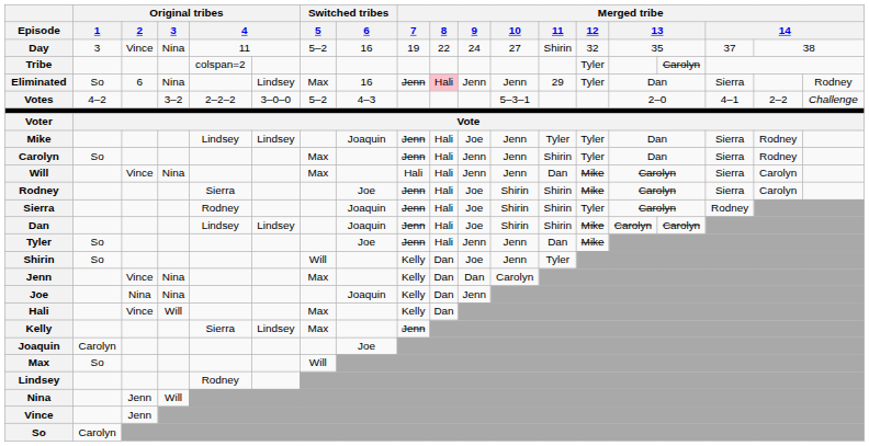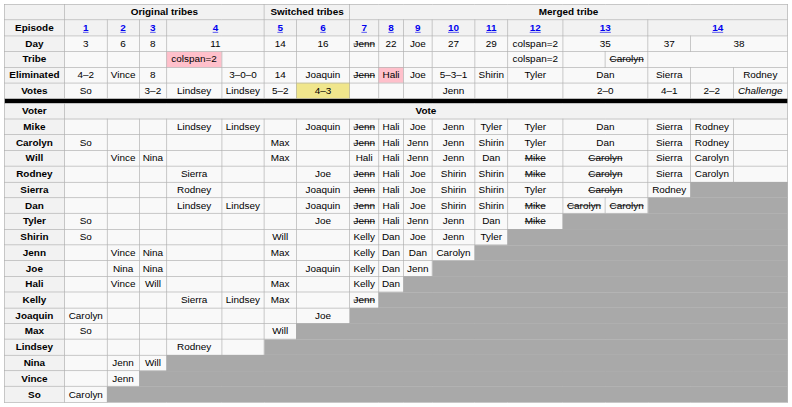 <table class="wikitable" style="text-align:center; width:100%">
 <tr>
 <th></th>
 <th colspan=5>Original tribes</th>
 <th colspan=2>Switched tribes</th>
 <th colspan=12>Merged tribe</th>
 </tr>
 <tr>
 <th>Episode</th>
 <th><a href='#'>1</a></th>
 <th><a href='#'>2</a></th>
 <th><a href='#'>3</a></th>
 <th colspan=2><a href='#'>4</a></th>
 <th><a href='#'>5</a></th>
 <th><a href='#'>6</a></th>
 <th><a href='#'>7</a></th>
 <th><a href='#'>8</a></th>
 <th><a href='#'>9</a></th>
 <th><a href='#'>10</a></th>
 <th><a href='#'>11</a></th>
 <th><a href='#'>12</a></th>
 <th colspan=2><a href='#'>13</a></th>
 <th colspan=3><a href='#'>14</a></th>
 </tr>
 <tr>
 <th>Day</th>
 <td>3</td>
-<td>Vince</td>
-<td>Nina</td>
+<td>6</td>
+<td>8</td>
 <td colspan=2>11</td>
-<td>5–2</td>
+<td>14</td>
 <td>16</td>
-<td>19</td>
+<td><s>Jenn</s></td>
 <td>22</td>
-<td>24</td>
+<td>Joe</td>
 <td>27</td>
-<td>Shirin</td>
-<td>32</td>
+<td>29</td>
+<td>colspan=2 </td>
 <td colspan=2>35</td>
 <td>37</td>
 <td colspan=2>38</td>
 </tr>
 <tr>
 <th>Tribe</th>
 <td></td>
 <td></td>
 <td></td>
-<td>colspan=2 </td>
+<td style="background: pink;">colspan=2 </td>
 <td></td>
 <td></td>
 <td></td>
 <td></td>
 <td></td>
 <td></td>
 <td></td>
 <td></td>
-<td>Tyler</td>
+<td>colspan=2 </td>
 <td></td>
 <td><s>Carolyn</s></td>
 </tr>
 <tr>
 <th>Eliminated</th>
-<td>So</td>
-<td>6</td>
-<td>Nina</td>
+<td>4–2</td>
+<td>Vince</td>
+<td>8</td>
 <td></td>
-<td>Lindsey</td>
-<td>Max</td>
-<td>16</td>
+<td>3–0–0</td>
+<td>14</td>
+<td>Joaquin</td>
 <td><s>Jenn</s></td>
 <td style="background: pink;">Hali</td>
-<td>Jenn</td>
-<td>Jenn</td>
-<td>29</td>
+<td>Joe</td>
+<td>5–3–1</td>
+<td>Shirin</td>
 <td>Tyler</td>
 <td colspan=2>Dan</td>
 <td>Sierra</td>
 <td></td>
 <td>Rodney</td>
 </tr>
 <tr>
 <th>Votes</th>
-<td>4–2</td>
+<td>So</td>
 <td></td>
 <td>3–2</td>
-<td>2–2–2</td>
-<td>3–0–0</td>
+<td>Lindsey</td>
+<td>Lindsey</td>
 <td>5–2</td>
-<td>4–3</td>
+<td style="background: khaki;">4–3</td>
 <td></td>
 <td></td>
 <td></td>
-<td>5–3–1</td>
+<td>Jenn</td>
 <td></td>
 <td></td>
 <td colspan=2>2–0</td>
 <td>4–1</td>
 <td>2–2</td>
 <td><em>Challenge</em></td>
 </tr>
 <tr>
 <td bgcolor=black colspan=22></td>
 </tr>
 <tr>
 <th>Voter</th>
 <th colspan=19>Vote</th>
 </tr>
 <tr>
 <th>Mike</th>
 <td></td>
 <td></td>
 <td></td>
 <td>Lindsey</td>
 <td>Lindsey</td>
 <td></td>
 <td>Joaquin</td>
 <td><s>Jenn</s></td>
 <td>Hali</td>
 <td>Joe</td>
 <td>Jenn</td>
 <td>Tyler</td>
 <td>Tyler</td>
 <td colspan=2>Dan</td>
 <td>Sierra</td>
 <td>Rodney</td>
 <td></td>
 </tr>
 <tr>
 <th>Carolyn</th>
 <td>So</td>
 <td></td>
 <td></td>
 <td></td>
 <td></td>
 <td>Max</td>
 <td></td>
 <td><s>Jenn</s></td>
 <td>Hali</td>
 <td>Jenn</td>
 <td>Jenn</td>
 <td>Shirin</td>
 <td>Tyler</td>
 <td colspan=2>Dan</td>
 <td>Sierra</td>
 <td>Rodney</td>
 <td></td>
 </tr>
 <tr>
 <th>Will</th>
 <td></td>
 <td>Vince</td>
 <td>Nina</td>
 <td></td>
 <td></td>
 <td>Max</td>
 <td></td>
 <td>Hali</td>
 <td>Hali</td>
 <td>Jenn</td>
 <td>Jenn</td>
 <td>Dan</td>
 <td><s>Mike</s></td>
 <td colspan=2><s>Carolyn</s></td>
 <td>Sierra</td>
 <td>Carolyn</td>
 <td></td>
 </tr>
 <tr>
 <th>Rodney</th>
 <td></td>
 <td></td>
 <td></td>
 <td>Sierra</td>
 <td></td>
 <td></td>
 <td>Joe</td>
 <td><s>Jenn</s></td>
 <td>Hali</td>
 <td>Joe</td>
 <td>Shirin</td>
 <td>Shirin</td>
 <td><s>Mike</s></td>
 <td colspan=2><s>Carolyn</s></td>
 <td>Sierra</td>
 <td>Carolyn</td>
 <td></td>
 </tr>
 <tr>
 <th>Sierra</th>
 <td></td>
 <td></td>
 <td></td>
 <td>Rodney</td>
 <td></td>
 <td></td>
 <td>Joaquin</td>
 <td><s>Jenn</s></td>
 <td>Hali</td>
 <td>Joe</td>
 <td>Shirin</td>
 <td>Shirin</td>
 <td>Tyler</td>
 <td colspan=2><s>Carolyn</s></td>
 <td>Rodney</td>
 <td bgcolor=darkgrey colspan=2></td>
 </tr>
 <tr>
 <th>Dan</th>
 <td></td>
 <td></td>
 <td></td>
 <td>Lindsey</td>
 <td>Lindsey</td>
 <td></td>
 <td>Joaquin</td>
 <td><s>Jenn</s></td>
 <td>Hali</td>
 <td>Joe</td>
 <td>Shirin</td>
 <td>Shirin</td>
 <td><s>Mike</s></td>
 <td><s>Carolyn</s></td>
 <td><s>Carolyn</s></td>
 <td bgcolor=darkgrey colspan=3></td>
 </tr>
 <tr>
 <th>Tyler</th>
 <td>So</td>
 <td></td>
 <td></td>
 <td></td>
 <td></td>
 <td></td>
 <td>Joe</td>
 <td><s>Jenn</s></td>
 <td>Hali</td>
 <td>Jenn</td>
 <td>Jenn</td>
 <td>Dan</td>
 <td><s>Mike</s></td>
 <td bgcolor=darkgrey colspan=5></td>
 </tr>
 <tr>
 <th>Shirin</th>
 <td>So</td>
 <td></td>
 <td></td>
 <td></td>
 <td></td>
 <td>Will</td>
 <td></td>
 <td>Kelly</td>
 <td>Dan</td>
 <td>Joe</td>
 <td>Jenn</td>
 <td>Tyler</td>
 <td bgcolor=darkgrey colspan=6></td>
 </tr>
 <tr>
 <th>Jenn</th>
 <td></td>
 <td>Vince</td>
 <td>Nina</td>
 <td></td>
 <td></td>
 <td>Max</td>
 <td></td>
 <td>Kelly</td>
 <td>Dan</td>
 <td>Dan</td>
 <td>Carolyn</td>
 <td bgcolor=darkgrey colspan=7></td>
 </tr>
 <tr>
 <th>Joe</th>
 <td></td>
 <td>Nina</td>
 <td>Nina</td>
 <td></td>
 <td></td>
 <td></td>
 <td>Joaquin</td>
 <td>Kelly</td>
 <td>Dan</td>
 <td>Jenn</td>
 <td bgcolor=darkgrey colspan=8></td>
 </tr>
 <tr>
 <th>Hali</th>
 <td></td>
 <td>Vince</td>
 <td>Will</td>
 <td></td>
 <td></td>
 <td>Max</td>
 <td></td>
 <td>Kelly</td>
 <td>Dan</td>
 <td bgcolor=darkgrey colspan=9></td>
 </tr>
 <tr>
 <th>Kelly</th>
 <td></td>
 <td></td>
 <td></td>
 <td>Sierra</td>
 <td>Lindsey</td>
 <td>Max</td>
 <td></td>
 <td><s>Jenn</s></td>
 <td bgcolor=darkgrey colspan=10></td>
 </tr>
 <tr>
 <th>Joaquin</th>
 <td>Carolyn</td>
 <td></td>
 <td></td>
 <td></td>
 <td></td>
 <td></td>
 <td>Joe</td>
 <td bgcolor=darkgrey colspan=11></td>
 </tr>
 <tr>
 <th>Max</th>
 <td>So</td>
 <td></td>
 <td></td>
 <td></td>
 <td></td>
 <td>Will</td>
 <td bgcolor=darkgrey colspan=12></td>
 </tr>
 <tr>
 <th>Lindsey</th>
 <td></td>
 <td></td>
 <td></td>
 <td>Rodney</td>
 <td></td>
 <td bgcolor=darkgrey colspan=13></td>
 </tr>
 <tr>
 <th>Nina</th>
 <td></td>
 <td>Jenn</td>
 <td>Will</td>
 <td bgcolor=darkgrey colspan=15></td>
 </tr>
 <tr>
 <th>Vince</th>
 <td></td>
 <td>Jenn</td>
 <td bgcolor=darkgrey colspan=16></td>
 </tr>
 <tr>
 <th>So</th>
 <td>Carolyn</td>
 <td bgcolor=darkgrey colspan=17></td>
 </tr>
 </table>
